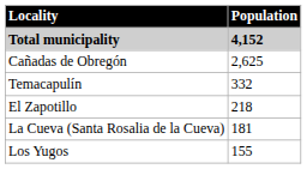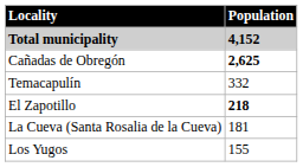 <table class="wikitable">
 <tr style="background:#000000; color:#FFFFFF;">
 <td><strong>Locality</strong></td>
 <td><strong>Population</strong></td>
 </tr>
 <tr style="background:#cfcfcf;">
 <td><strong>Total municipality</strong></td>
 <td><strong>4,152</strong></td>
 </tr>
 <tr style="background:#ffffff">
 <td>Cañadas de Obregón</td>
-<td>2,625</td>
+<td><strong>2,625</strong></td>
 </tr>
 <tr style="background:#ffffff">
 <td>Temacapulín</td>
 <td>332</td>
 </tr>
 <tr style="background:#ffffff">
 <td>El Zapotillo</td>
-<td>218</td>
+<td><strong>218</strong></td>
 </tr>
 <tr style="background:#ffffff">
 <td>La Cueva (Santa Rosalia de la Cueva)</td>
 <td>181</td>
 </tr>
 <tr style="background:#ffffff">
 <td>Los Yugos</td>
 <td>155</td>
 </tr>
 </table>
